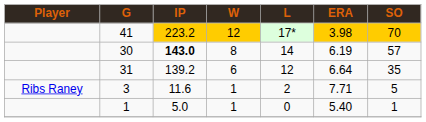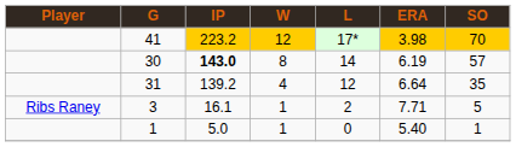 <table class="wikitable sortable">
 <tr>
 <th style="background:#312821;color:#de6108;" width="16%">Player</th>
 <th style="background:#312821;color:#de6108;" width="9%">G</th>
 <th style="background:#312821;color:#de6108;" width="9%">IP</th>
 <th style="background:#312821;color:#de6108;" width="9%">W</th>
 <th style="background:#312821;color:#de6108;" width="9%">L</th>
 <th style="background:#312821;color:#de6108;" width="9%">ERA</th>
 <th style="background:#312821;color:#de6108;" width="9%">SO</th>
 </tr>
 <tr align="center">
 <td></td>
 <td>41</td>
 <td style="background:#fc0;">223.2</td>
 <td style="background:#fc0;">12</td>
 <td style="background:#DDFFDD;">17*</td>
 <td style="background:#fc0;">3.98</td>
 <td style="background:#fc0;">70</td>
 </tr>
 <tr align="center">
 <td></td>
 <td>30</td>
 <td><strong>143.0</strong></td>
 <td>8</td>
 <td>14</td>
 <td>6.19</td>
 <td>57</td>
 </tr>
 <tr align="center">
 <td></td>
 <td>31</td>
 <td>139.2</td>
-<td>6</td>
+<td>4</td>
 <td>12</td>
 <td>6.64</td>
 <td>35</td>
 </tr>
 <tr align="center">
 <td><a href='#'>Ribs Raney</a></td>
 <td>3</td>
-<td>11.6</td>
+<td>16.1</td>
 <td>1</td>
 <td>2</td>
 <td>7.71</td>
 <td>5</td>
 </tr>
 <tr align=center>
 <td></td>
 <td>1</td>
 <td>5.0</td>
 <td>1</td>
 <td>0</td>
 <td>5.40</td>
 <td>1</td>
 </tr>
 <tr align="center">
 </tr>
 </table>
